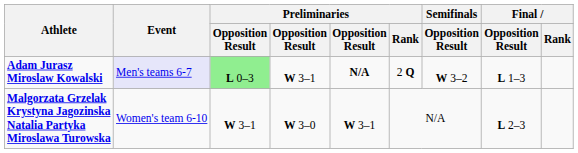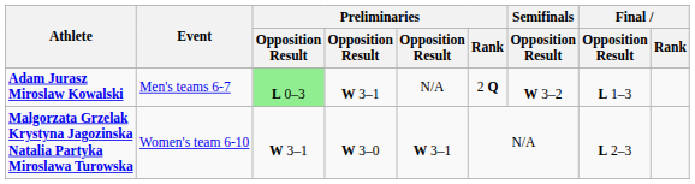 <table class=wikitable style="font-size:90%">
 <tr>
 <th rowspan="2">Athlete</th>
 <th rowspan="2">Event</th>
 <th colspan="4">Preliminaries</th>
 <th>Semifinals</th>
 <th colspan="2">Final / </th>
 </tr>
 <tr>
 <th>Opposition<br>Result</th>
 <th>Opposition<br>Result</th>
 <th>Opposition<br>Result</th>
 <th>Rank</th>
 <th>Opposition<br>Result</th>
 <th>Opposition<br>Result</th>
 <th>Rank</th>
 </tr>
 <tr>
 <td><strong><a href='#'>Adam Jurasz</a></strong><br> <strong><a href='#'>Miroslaw Kowalski</a></strong></td>
-<td style="background: lavender;"><a href='#'>Men's teams 6-7</a></td>
+<td><a href='#'>Men's teams 6-7</a></td>
 <td align="center" style="background: lightgreen;"><br><strong>L</strong> 0–3</td>
 <td align="center"><br><strong>W</strong> 3–1</td>
-<td align="center"><strong>N/A</strong></td>
+<td align="center">N/A</td>
 <td align="center">2 <strong>Q</strong></td>
 <td align="center"><br><strong>W</strong> 3–2</td>
 <td align="center"><br><strong>L</strong> 1–3</td>
 <td align="center"></td>
 </tr>
 <tr>
 <td><strong><a href='#'>Malgorzata Grzelak</a></strong><br> <strong><a href='#'>Krystyna Jagozinska</a></strong><br> <strong><a href='#'>Natalia Partyka</a></strong><br> <strong><a href='#'>Miroslawa Turowska</a></strong></td>
 <td><a href='#'>Women's team 6-10</a></td>
 <td align="center"><br><strong>W</strong> 3–1</td>
 <td align="center"><br><strong>W</strong> 3–0</td>
 <td align="center"><br><strong>W</strong> 3–1</td>
 <td align="center" colspan="2">N/A</td>
 <td align="center"><br><strong>L</strong> 2–3</td>
 <td align="center"></td>
 </tr>
 </table>
